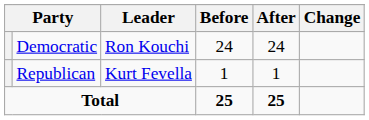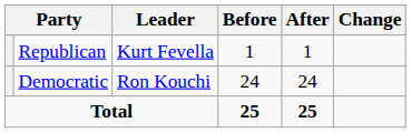 <table class="wikitable" style="text-align:center;">
 <tr>
 </tr>
 <tr>
 <th colspan=2>Party</th>
 <th>Leader</th>
 <th>Before</th>
 <th>After</th>
 <th>Change</th>
 </tr>
 <tr>
 <th style="background-color:"></th>
+<td style="text-align:left;"><a href='#'>Republican</a></td>
+<td style="text-align:left;"><a href='#'>Kurt Fevella</a></td>
+<td>1</td>
+<td>1</td>
+<td></td>
+</tr>
+<tr>
+<th style="background-color:"></th>
 <td style="text-align:left;"><a href='#'>Democratic</a></td>
 <td style="text-align:left;"><a href='#'>Ron Kouchi</a></td>
 <td>24</td>
 <td>24</td>
-<td></td>
-</tr>
-<tr>
-<th style="background-color:"></th>
-<td style="text-align:left;"><a href='#'>Republican</a></td>
-<td style="text-align:left;"><a href='#'>Kurt Fevella</a></td>
-<td>1</td>
-<td>1</td>
 <td></td>
 </tr>
 <tr>
 <td colspan=3><strong>Total</strong></td>
 <td><strong>25</strong></td>
 <td><strong>25</strong></td>
 <td></td>
 </tr>
 </table>
